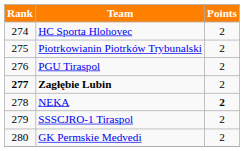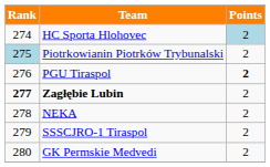 <table class="wikitable" style="text-align: center">
 <tr>
 <th style="color:#FFFFFF; background:#FF8000">Rank</th>
 <th style="color:#FFFFFF; background:#FF8000">Team</th>
 <th style="color:#FFFFFF; background:#FF8000">Points</th>
 </tr>
 <tr>
 <td>274</td>
 <td align=left> <a href='#'>HC Sporta Hlohovec</a></td>
-<td>2</td>
+<td style="background: lightblue;">2</td>
 </tr>
 <tr>
-<td>275</td>
+<td style="background: lightblue;">275</td>
 <td align=left> <a href='#'>Piotrkowianin Piotrków Trybunalski</a></td>
 <td>2</td>
 </tr>
 <tr>
 <td>276</td>
 <td align=left> <a href='#'>PGU Tiraspol</a></td>
-<td>2</td>
+<td><strong>2</strong></td>
 </tr>
 <tr>
 <td><strong>277</strong></td>
 <td align=left> <strong>Zagłębie Lubin</strong></td>
 <td>2</td>
 </tr>
 <tr>
 <td>278</td>
 <td align=left> <a href='#'>NEKA</a></td>
-<td><strong>2</strong></td>
+<td>2</td>
 </tr>
 <tr>
 <td>279</td>
 <td align=left> <a href='#'>SSSCJRO-1 Tiraspol</a></td>
 <td>2</td>
 </tr>
 <tr>
 <td>280</td>
 <td align=left> <a href='#'>GK Permskie Medvedi</a></td>
 <td>2</td>
 </tr>
 <tr>
 </tr>
 </table>
